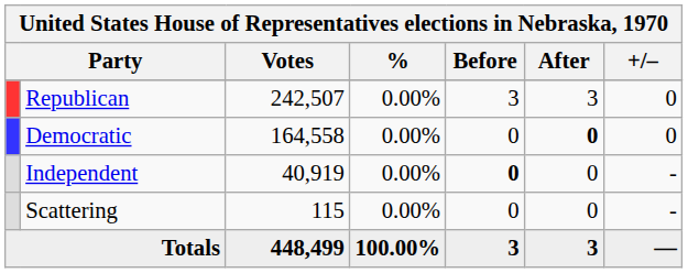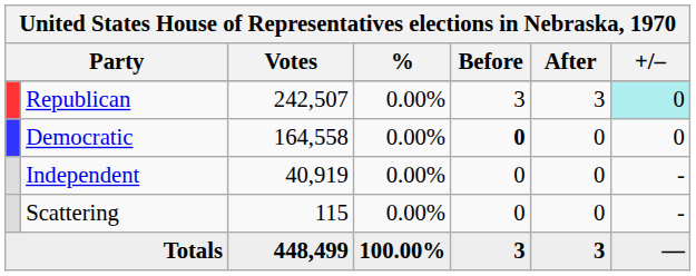 <table class="wikitable" style="font-size: 95%;">
 <tr>
 <th colspan="7">United States House of Representatives elections in Nebraska, 1970</th>
 </tr>
 <tr>
 <th colspan=2 style="width: 5em">Party</th>
 <th style="width: 5em">Votes</th>
 <th style="width: 3em">%</th>
 <th style="width: 3em">Before</th>
 <th style="width: 3em">After</th>
 <th style="width: 3em">+/–</th>
 </tr>
 <tr>
 </tr>
 <tr>
 <th style="background-color:#FF3333; width: 3px"></th>
 <td style="width: 130px"><a href='#'>Republican</a></td>
 <td align="right">242,507</td>
 <td align="right">0.00%</td>
 <td align="right">3</td>
 <td align="right">3</td>
-<td align="right">0</td>
+<td align="right" style="background: paleturquoise;">0</td>
 </tr>
 <tr>
 <th style="background-color:#3333FF; width: 3px"></th>
 <td style="width: 130px"><a href='#'>Democratic</a></td>
 <td align="right">164,558</td>
 <td align="right">0.00%</td>
+<td align="right"><strong>0</strong></td>
 <td align="right">0</td>
-<td align="right"><strong>0</strong></td>
 <td align="right">0</td>
 </tr>
 <tr>
 <th style="background-color:#DDDDDD; width: 3px"></th>
 <td style="width: 130px"><a href='#'>Independent</a></td>
 <td align="right">40,919</td>
 <td align="right">0.00%</td>
-<td align="right"><strong>0</strong></td>
+<td align="right">0</td>
 <td align="right">0</td>
 <td align="right">-</td>
 </tr>
 <tr>
 <th style="background-color:#DDDDDD; width: 3px"></th>
 <td style="width: 130px">Scattering</td>
 <td align="right">115</td>
 <td align="right">0.00%</td>
 <td align="right">0</td>
 <td align="right">0</td>
 <td align="right">-</td>
 </tr>
 <tr bgcolor="#EEEEEE">
 <td colspan="2" align="right"><strong>Totals</strong></td>
 <td align="right"><strong>448,499</strong></td>
 <td align="right"><strong>100.00%</strong></td>
 <td align="right"><strong>3</strong></td>
 <td align="right"><strong>3</strong></td>
 <td align="right"><strong>—</strong></td>
 </tr>
 </table>
